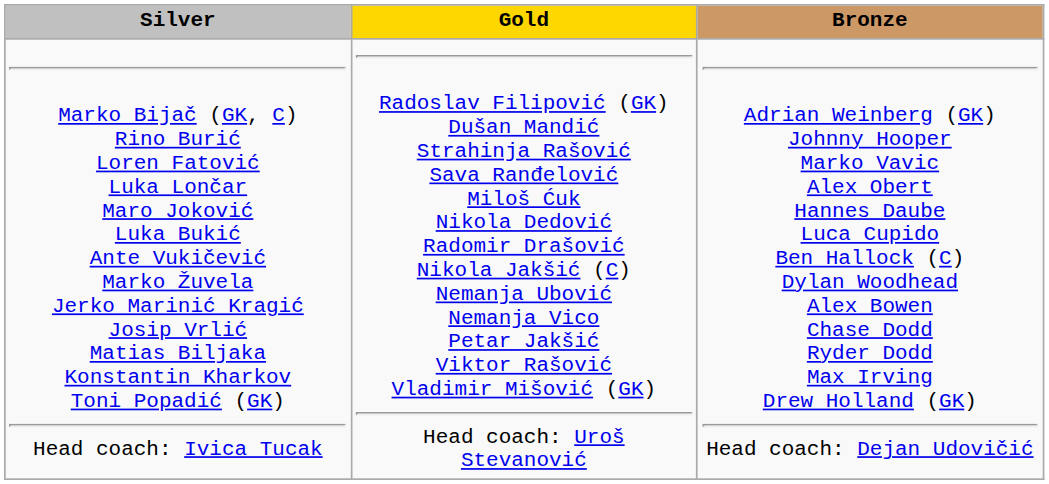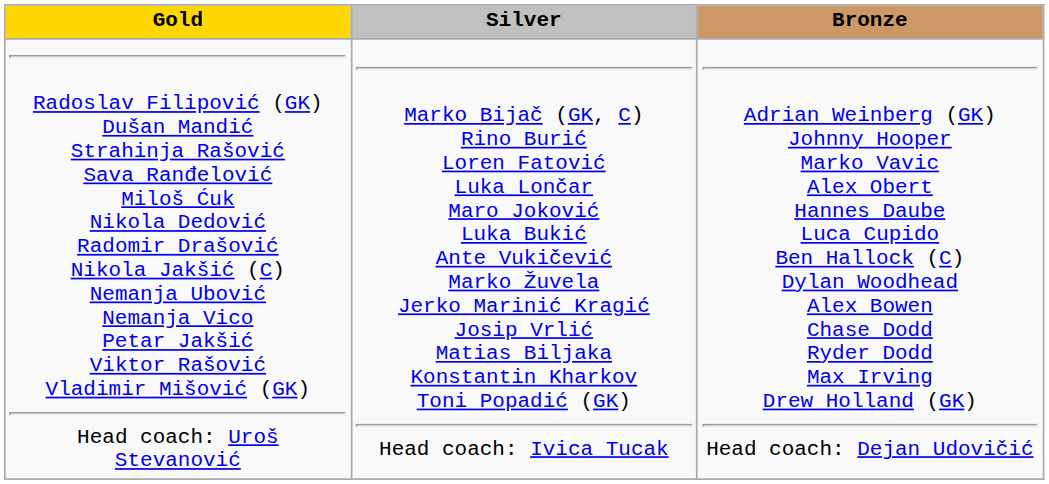 <table class="wikitable" style="text-align:center; font-size: 95%;">
 <tr>
+<td style="width: 16em;background: gold"><strong>Gold</strong></td>
 <td style="width: 16em;background: silver"><strong>Silver</strong></td>
-<td style="width: 16em;background: gold"><strong>Gold</strong></td>
 <td style="width: 16em;background: #CC9966"><strong>Bronze</strong></td>
 </tr>
 <tr>
+<td><hr><br><a href='#'>Radoslav Filipović</a> (<a href='#'>GK</a>)<br><a href='#'>Dušan Mandić</a><br><a href='#'>Strahinja Rašović</a><br><a href='#'>Sava Ranđelović</a><br><a href='#'>Miloš Ćuk</a><br><a href='#'>Nikola Dedović</a><br><a href='#'>Radomir Drašović</a><br><a href='#'>Nikola Jakšić</a> (<a href='#'>C</a>)<br><a href='#'>Nemanja Ubović</a><br><a href='#'>Nemanja Vico</a><br><a href='#'>Petar Jakšić</a><br><a href='#'>Viktor Rašović</a><br><a href='#'>Vladimir Mišović</a> (<a href='#'>GK</a>)<br><hr>Head coach: <a href='#'>Uroš Stevanović</a></td>
 <td><hr><br><a href='#'>Marko Bijač</a> (<a href='#'>GK</a>, <a href='#'>C</a>)<br><a href='#'>Rino Burić</a><br><a href='#'>Loren Fatović</a><br><a href='#'>Luka Lončar</a><br><a href='#'>Maro Joković</a><br><a href='#'>Luka Bukić</a><br><a href='#'>Ante Vukičević</a><br><a href='#'>Marko Žuvela</a><br><a href='#'>Jerko Marinić Kragić</a><br><a href='#'>Josip Vrlić</a><br><a href='#'>Matias Biljaka</a><br><a href='#'>Konstantin Kharkov</a><br><a href='#'>Toni Popadić</a> (<a href='#'>GK</a>)<br><hr>Head coach: <a href='#'>Ivica Tucak</a></td>
-<td><hr><br><a href='#'>Radoslav Filipović</a> (<a href='#'>GK</a>)<br><a href='#'>Dušan Mandić</a><br><a href='#'>Strahinja Rašović</a><br><a href='#'>Sava Ranđelović</a><br><a href='#'>Miloš Ćuk</a><br><a href='#'>Nikola Dedović</a><br><a href='#'>Radomir Drašović</a><br><a href='#'>Nikola Jakšić</a> (<a href='#'>C</a>)<br><a href='#'>Nemanja Ubović</a><br><a href='#'>Nemanja Vico</a><br><a href='#'>Petar Jakšić</a><br><a href='#'>Viktor Rašović</a><br><a href='#'>Vladimir Mišović</a> (<a href='#'>GK</a>)<br><hr>Head coach: <a href='#'>Uroš Stevanović</a></td>
 <td><hr><br><a href='#'>Adrian Weinberg</a> (<a href='#'>GK</a>)<br><a href='#'>Johnny Hooper</a><br><a href='#'>Marko Vavic</a><br><a href='#'>Alex Obert</a><br><a href='#'>Hannes Daube</a><br><a href='#'>Luca Cupido</a><br><a href='#'>Ben Hallock</a> (<a href='#'>C</a>)<br><a href='#'>Dylan Woodhead</a><br><a href='#'>Alex Bowen</a><br><a href='#'>Chase Dodd</a><br><a href='#'>Ryder Dodd</a><br><a href='#'>Max Irving</a><br><a href='#'>Drew Holland</a> (<a href='#'>GK</a>)<br><hr>Head coach: <a href='#'>Dejan Udovičić</a></td>
 </tr>
 </table>
